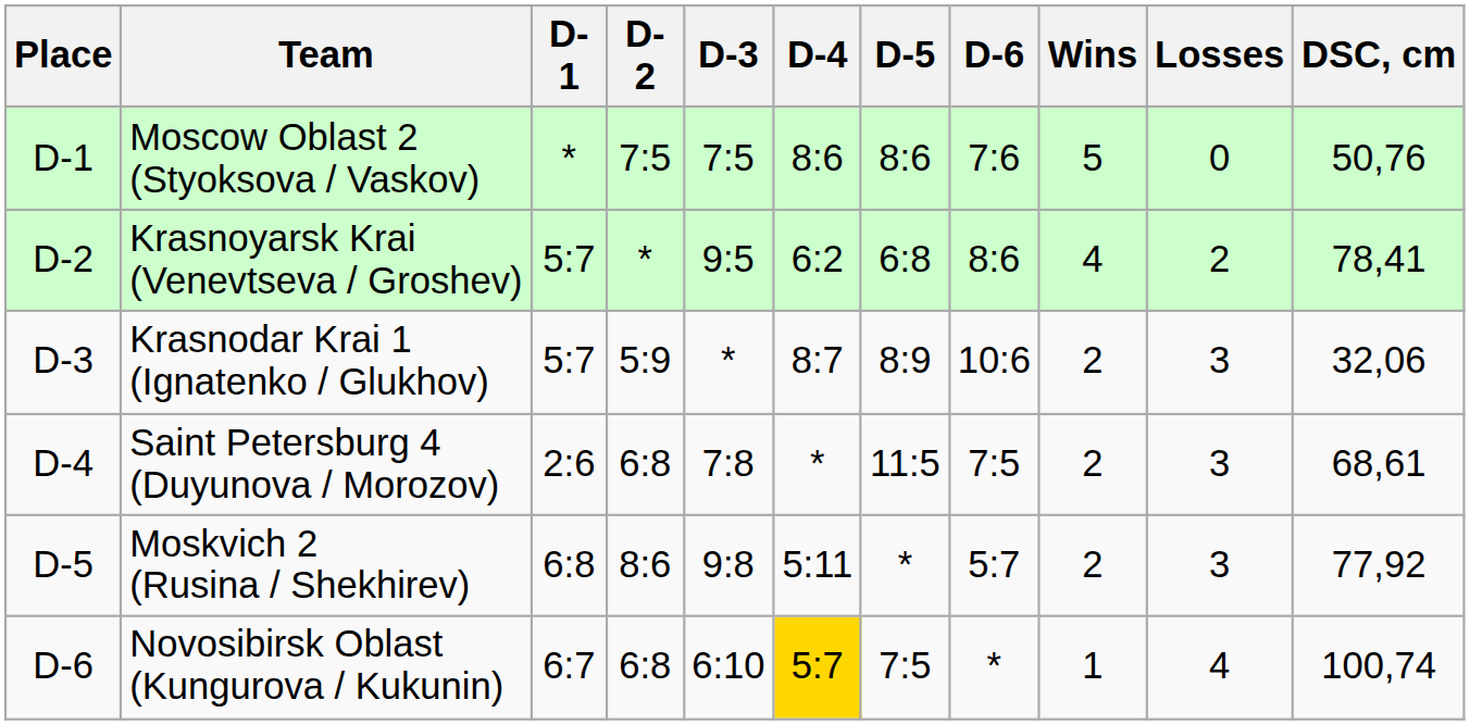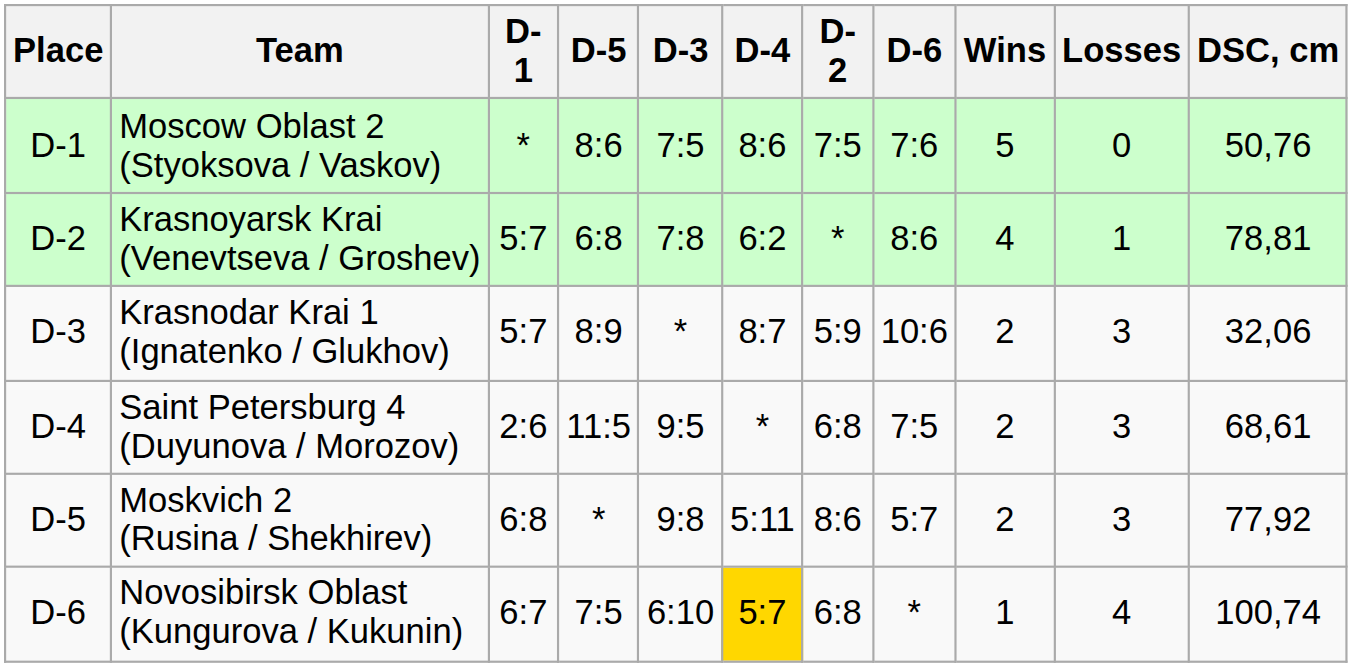 <table class="wikitable" style="text-align:center;">
 <tr>
 <th>Place</th>
 <th>Team</th>
 <th width="25">D-1</th>
-<th width="25">D-2</th>
+<th width="25">D-5</th>
 <th width="25">D-3</th>
 <th width="25">D-4</th>
-<th width="25">D-5</th>
+<th width="25">D-2</th>
 <th width="25">D-6</th>
 <th width="20">Wins</th>
 <th width="20">Losses</th>
 <th>DSC, cm</th>
 </tr>
 <tr bgcolor=#cfc>
 <td>D-1</td>
 <td align=left>Moscow Oblast 2<br>(Styoksova / Vaskov)</td>
 <td>*</td>
-<td>7:5</td>
+<td>8:6</td>
 <td>7:5</td>
 <td>8:6</td>
-<td>8:6</td>
+<td>7:5</td>
 <td>7:6</td>
 <td>5</td>
 <td>0</td>
 <td>50,76</td>
 </tr>
 <tr bgcolor=#cfc>
 <td>D-2</td>
 <td align=left>Krasnoyarsk Krai<br>(Venevtseva / Groshev)</td>
 <td>5:7</td>
+<td>6:8</td>
+<td>7:8</td>
+<td>6:2</td>
 <td>*</td>
-<td>9:5</td>
-<td>6:2</td>
-<td>6:8</td>
 <td>8:6</td>
 <td>4</td>
-<td>2</td>
-<td>78,41</td>
+<td>1</td>
+<td>78,81</td>
 </tr>
 <tr>
 <td>D-3</td>
 <td align=left>Krasnodar Krai 1<br>(Ignatenko / Glukhov)</td>
 <td>5:7</td>
-<td>5:9</td>
+<td>8:9</td>
 <td>*</td>
 <td>8:7</td>
-<td>8:9</td>
+<td>5:9</td>
 <td>10:6</td>
 <td>2</td>
 <td>3</td>
 <td>32,06</td>
 </tr>
 <tr>
 <td>D-4</td>
 <td align=left>Saint Petersburg 4<br>(Duyunova / Morozov)</td>
 <td>2:6</td>
+<td>11:5</td>
+<td>9:5</td>
+<td>*</td>
 <td>6:8</td>
-<td>7:8</td>
-<td>*</td>
-<td>11:5</td>
 <td>7:5</td>
 <td>2</td>
 <td>3</td>
 <td>68,61</td>
 </tr>
 <tr>
 <td>D-5</td>
 <td align=left>Moskvich 2<br>(Rusina / Shekhirev)</td>
 <td>6:8</td>
-<td>8:6</td>
+<td>*</td>
 <td>9:8</td>
 <td>5:11</td>
-<td>*</td>
+<td>8:6</td>
 <td>5:7</td>
 <td>2</td>
 <td>3</td>
 <td>77,92</td>
 </tr>
 <tr>
 <td>D-6</td>
 <td align=left>Novosibirsk Oblast<br>(Kungurova / Kukunin)</td>
 <td>6:7</td>
-<td>6:8</td>
+<td>7:5</td>
 <td>6:10</td>
 <td style="background: gold;">5:7</td>
-<td>7:5</td>
+<td>6:8</td>
 <td>*</td>
 <td>1</td>
 <td>4</td>
 <td>100,74</td>
 </tr>
 </table>
